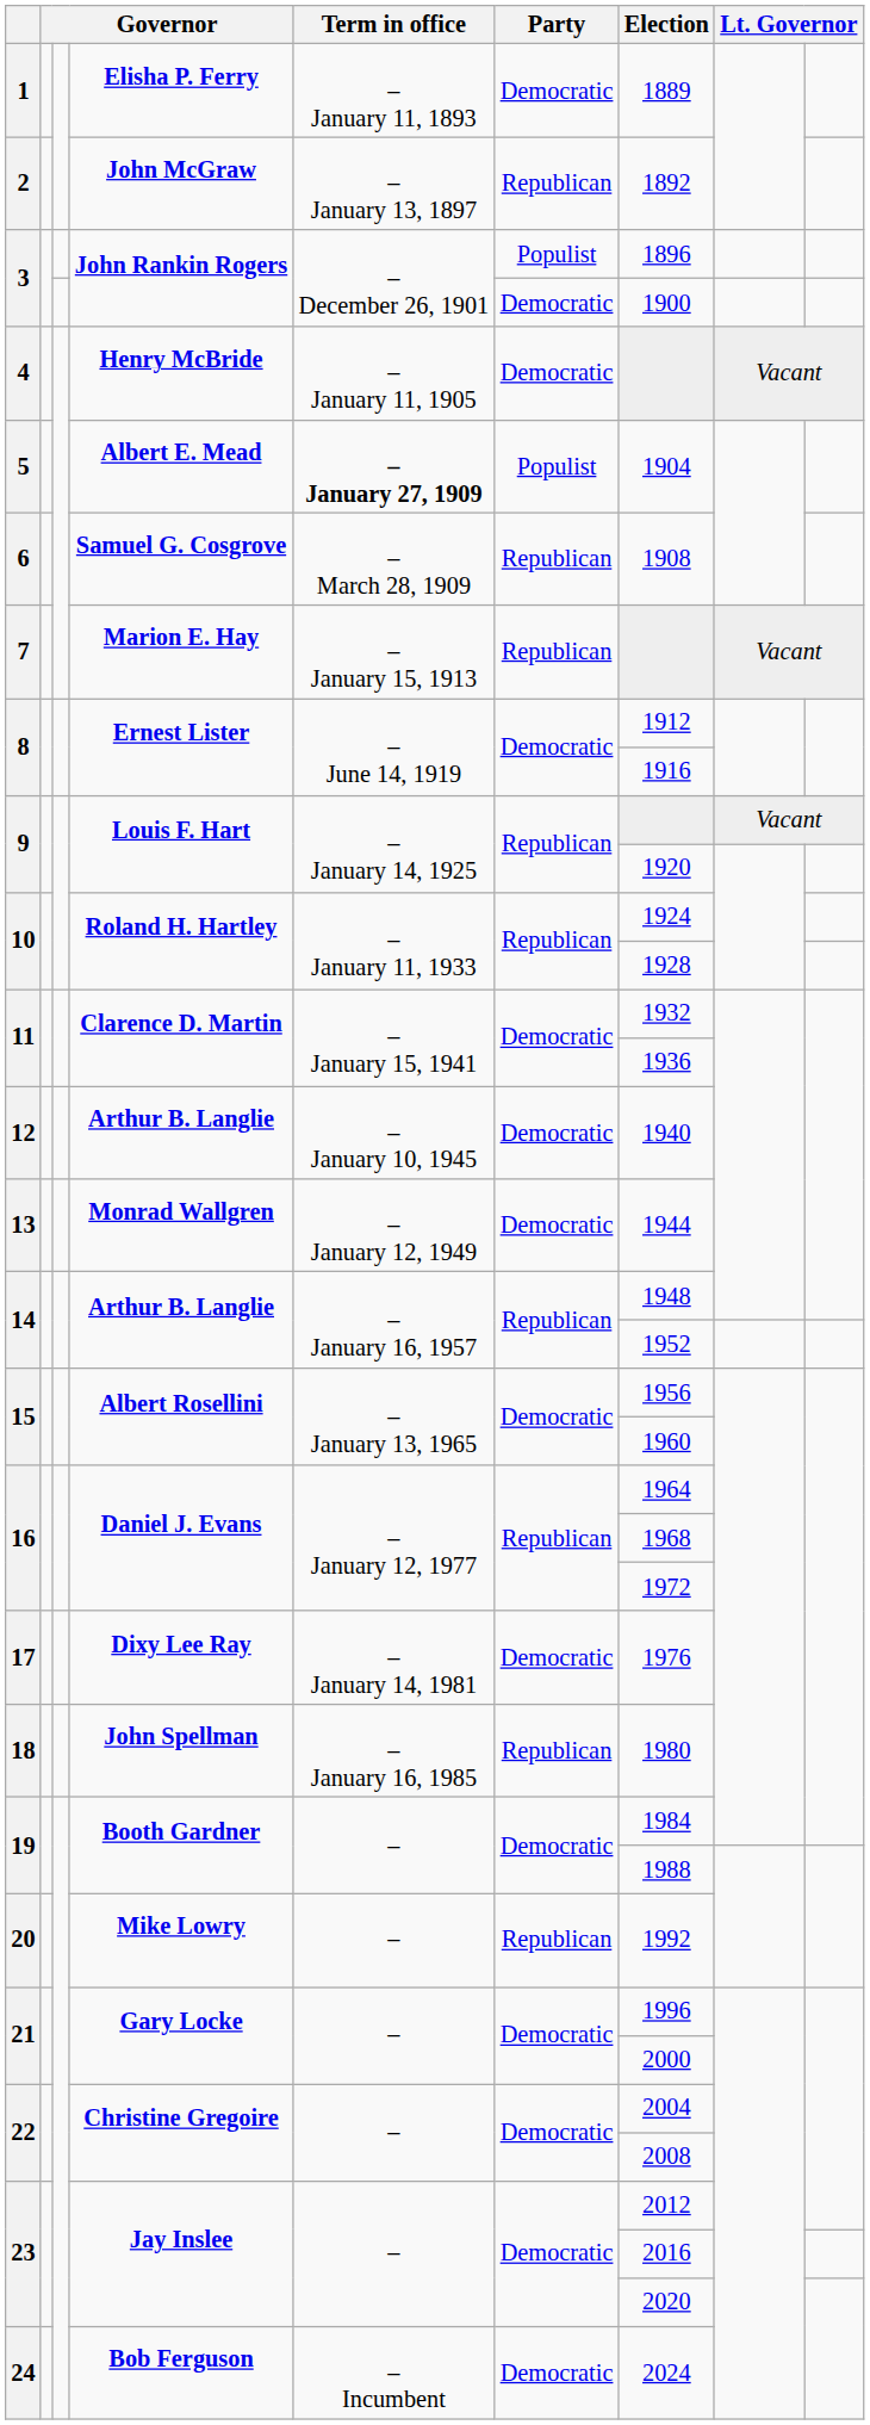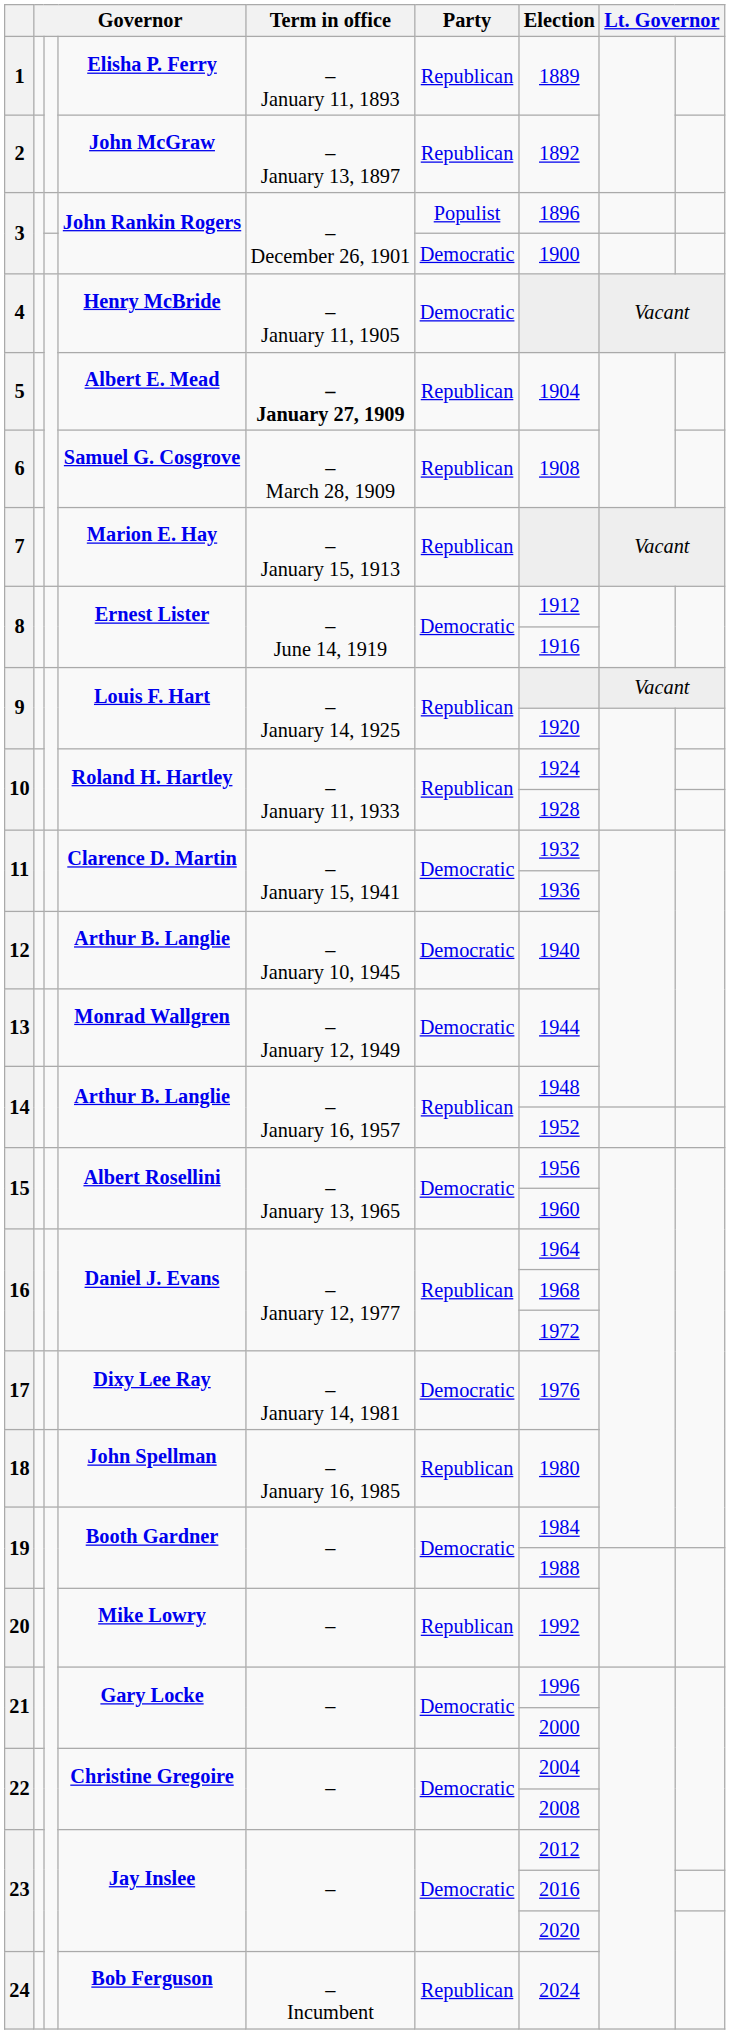 <table class="wikitable sortable mw-collapsible sticky-header-multi" style="text-align:center;">
 <tr>
 <th scope="col" data-sort-type="number"></th>
 <th scope="colgroup" colspan="3">Governor</th>
 <th scope="col">Term in office</th>
 <th scope="col">Party</th>
 <th scope="col">Election</th>
 <th scope="colgroup" colspan="2"><a href='#'>Lt. Governor</a></th>
 </tr>
 <tr style="height:2em;">
 <th scope="row">1</th>
 <td data-sort-value="Ferry, Elisha"></td>
 <td rowspan="2" style="background: "> </td>
 <td><strong><a href='#'>Elisha P. Ferry</a></strong><br><br></td>
 <td><br>–<br>January 11, 1893<br></td>
-<td><a href='#'>Democratic</a></td>
+<td><a href='#'>Republican</a></td>
 <td><a href='#'>1889</a></td>
 <td rowspan="2" style="background: "> </td>
 <td></td>
 </tr>
 <tr style="height:2em;">
 <th scope="row">2</th>
 <td data-sort-value="McGraw, John"></td>
 <td><strong><a href='#'>John McGraw</a></strong><br><br></td>
 <td><br>–<br>January 13, 1897<br></td>
 <td><a href='#'>Republican</a></td>
 <td><a href='#'>1892</a></td>
 <td></td>
 </tr>
 <tr style="height:2em;">
 <th rowspan="2" scope="rowgroup">3</th>
 <td rowspan="2" data-sort-value="Rogers, John"></td>
 <td style="color:inherit;background: "></td>
 <td rowspan="2"><strong><a href='#'>John Rankin Rogers</a></strong><br><br></td>
 <td rowspan="2"><br>–<br>December 26, 1901<br></td>
 <td><a href='#'>Populist</a></td>
 <td><a href='#'>1896</a></td>
 <td style="color:inherit;background: "></td>
 <td></td>
 </tr>
 <tr style="height:2em;">
 <td style="color:inherit;background: "></td>
 <td><a href='#'>Democratic</a></td>
 <td><a href='#'>1900</a></td>
 <td style="color:inherit;background: "></td>
 <td></td>
 </tr>
 <tr style="height:2em;">
 <th scope="row">4</th>
 <td data-sort-value="McBride, Henry"></td>
 <td rowspan="4" style="color:inherit;background: "></td>
 <td><strong><a href='#'>Henry McBride</a></strong><br><br></td>
 <td><br>–<br>January 11, 1905<br></td>
 <td><a href='#'>Democratic</a></td>
 <td style="background:#EEEEEE;"></td>
 <td colspan="2" style="background:#EEEEEE;"><em>Vacant</em></td>
 </tr>
 <tr style="height:2em;">
 <th scope="row">5</th>
 <td data-sort-value="Mead, Albert"></td>
 <td><strong><a href='#'>Albert E. Mead</a></strong><br><br></td>
 <td><strong><br>–<br>January 27, 1909<br></strong></td>
-<td><a href='#'>Populist</a></td>
+<td><a href='#'>Republican</a></td>
 <td><a href='#'>1904</a></td>
 <td rowspan="2" style="color:inherit;background: "></td>
 <td></td>
 </tr>
 <tr style="height:2em;">
 <th scope="row">6</th>
 <td data-sort-value="Cosgrove, Samuel"></td>
 <td><strong><a href='#'>Samuel G. Cosgrove</a></strong><br><br></td>
 <td><br>–<br>March 28, 1909<br></td>
 <td><a href='#'>Republican</a></td>
 <td><a href='#'>1908</a></td>
 <td></td>
 </tr>
 <tr style="height:2em;">
 <th scope="row">7</th>
 <td data-sort-value="Hay, Marion"></td>
 <td><strong><a href='#'>Marion E. Hay</a></strong><br><br></td>
 <td><br>–<br>January 15, 1913<br></td>
 <td><a href='#'>Republican</a></td>
 <td style="background:#EEEEEE;"></td>
 <td colspan="2" style="background:#EEEEEE;"><em>Vacant</em></td>
 </tr>
 <tr style="height:2em;">
 <th rowspan="2" scope="rowgroup">8</th>
 <td rowspan="2" data-sort-value="Lister, Ernest"></td>
 <td rowspan="2" style="color:inherit;background: "></td>
 <td rowspan="2"><strong><a href='#'>Ernest Lister</a></strong><br><br></td>
 <td rowspan="2"><br>–<br>June 14, 1919<br></td>
 <td rowspan="2"><a href='#'>Democratic</a></td>
 <td><a href='#'>1912</a></td>
 <td rowspan="2" style="color:inherit;background: "></td>
 <td rowspan="2"></td>
 </tr>
 <tr style="height:2em;">
 <td><a href='#'>1916</a></td>
 </tr>
 <tr style="height:2em;">
 <th rowspan="2" scope="rowgroup">9</th>
 <td rowspan="2" data-sort-value="Hart, Louis"></td>
 <td rowspan="4" style="color:inherit;background: "></td>
 <td rowspan="2"><strong><a href='#'>Louis F. Hart</a></strong><br><br></td>
 <td rowspan="2"><br>–<br>January 14, 1925<br></td>
 <td rowspan="2"><a href='#'>Republican</a></td>
 <td style="background:#EEEEEE;"></td>
 <td colspan="2" style="background:#EEEEEE;"><em>Vacant</em></td>
 </tr>
 <tr style="height:2em;">
 <td><a href='#'>1920</a></td>
 <td rowspan="3" style="color:inherit;background: "></td>
 <td></td>
 </tr>
 <tr style="height:2em;">
 <th rowspan="2" scope="rowgroup">10</th>
 <td rowspan="2" data-sort-value="Hartley, Roland"></td>
 <td rowspan="2"><strong><a href='#'>Roland H. Hartley</a></strong><br><br></td>
 <td rowspan="2"><br>–<br>January 11, 1933<br></td>
 <td rowspan="2"><a href='#'>Republican</a></td>
 <td><a href='#'>1924</a></td>
 <td></td>
 </tr>
 <tr style="height:2em;">
 <td><a href='#'>1928</a></td>
 <td></td>
 </tr>
 <tr style="height:2em;">
 <th rowspan="2" scope="rowgroup">11</th>
 <td rowspan="2" data-sort-value="Martin, Clarence"></td>
 <td rowspan="2" style="color:inherit;background: "></td>
 <td rowspan="2"><strong><a href='#'>Clarence D. Martin</a></strong><br><br></td>
 <td rowspan="2"><br>–<br>January 15, 1941<br></td>
 <td rowspan="2"><a href='#'>Democratic</a></td>
 <td><a href='#'>1932</a></td>
 <td rowspan="5" style="color:inherit;background: "></td>
 <td rowspan="5"></td>
 </tr>
 <tr style="height:2em;">
 <td><a href='#'>1936</a></td>
 </tr>
 <tr style="height:2em;">
 <th scope="row">12</th>
 <td data-sort-value="Langlie, Arthur"></td>
 <td style="color:inherit;background: "></td>
 <td><strong><a href='#'>Arthur B. Langlie</a></strong><br><br></td>
 <td><br>–<br>January 10, 1945<br></td>
 <td><a href='#'>Democratic</a></td>
 <td><a href='#'>1940</a></td>
 </tr>
 <tr style="height:2em;">
 <th scope="row">13</th>
 <td data-sort-value="Wallgren, Monrad"></td>
 <td style="color:inherit;background: "></td>
 <td><strong><a href='#'>Monrad Wallgren</a></strong><br><br></td>
 <td><br>–<br>January 12, 1949<br></td>
 <td><a href='#'>Democratic</a></td>
 <td><a href='#'>1944</a></td>
 </tr>
 <tr style="height:2em;">
 <th rowspan="2" scope="rowgroup">14</th>
 <td rowspan="2" data-sort-value="Langlie, Arthur"></td>
 <td rowspan="2" style="color:inherit;background: "></td>
 <td rowspan="2"><strong><a href='#'>Arthur B. Langlie</a></strong><br><br></td>
 <td rowspan="2"><br>–<br>January 16, 1957<br></td>
 <td rowspan="2"><a href='#'>Republican</a></td>
 <td><a href='#'>1948</a></td>
 </tr>
 <tr style="height:2em;">
 <td><a href='#'>1952</a></td>
 <td style="color:inherit;background: "></td>
 <td></td>
 </tr>
 <tr style="height:2em;">
 <th rowspan="2" scope="rowgroup">15</th>
 <td rowspan="2" data-sort-value="Rosellini, Albert"></td>
 <td rowspan="2" style="color:inherit;background: "></td>
 <td rowspan="2"><strong><a href='#'>Albert Rosellini</a></strong><br><br></td>
 <td rowspan="2"><br>–<br>January 13, 1965<br></td>
 <td rowspan="2"><a href='#'>Democratic</a></td>
 <td><a href='#'>1956</a></td>
 <td rowspan="8" style="color:inherit;background: "></td>
 <td rowspan="8"></td>
 </tr>
 <tr style="height:2em;">
 <td><a href='#'>1960</a></td>
 </tr>
 <tr style="height:2em;">
 <th rowspan="3" scope="rowgroup">16</th>
 <td rowspan="3" data-sort-value="Evans, Daniel"></td>
 <td rowspan="3" style="color:inherit;background: "></td>
 <td rowspan="3"><strong><a href='#'>Daniel J. Evans</a></strong><br><br></td>
 <td rowspan="3"><br>–<br>January 12, 1977<br></td>
 <td rowspan="3"><a href='#'>Republican</a></td>
 <td><a href='#'>1964</a></td>
 </tr>
 <tr style="height:2em;">
 <td><a href='#'>1968</a></td>
 </tr>
 <tr style="height:2em;">
 <td><a href='#'>1972</a></td>
 </tr>
 <tr style="height:2em;">
 <th scope="row">17</th>
 <td data-sort-value="Ray, Dixy"></td>
 <td style="color:inherit;background: "></td>
 <td><strong><a href='#'>Dixy Lee Ray</a></strong><br><br></td>
 <td><br>–<br>January 14, 1981<br></td>
 <td><a href='#'>Democratic</a></td>
 <td><a href='#'>1976</a></td>
 </tr>
 <tr style="height:2em;">
 <th scope="row">18</th>
 <td data-sort-value="Spellman, John"></td>
 <td style="color:inherit;background: "></td>
 <td><strong><a href='#'>John Spellman</a></strong><br><br></td>
 <td><br>–<br>January 16, 1985<br></td>
 <td><a href='#'>Republican</a></td>
 <td><a href='#'>1980</a></td>
 </tr>
 <tr style="height:2em;">
 <th rowspan="2" scope="rowgroup">19</th>
 <td rowspan="2" data-sort-value="Gardner, Booth"></td>
 <td rowspan="11" style="color:inherit;background: "></td>
 <td rowspan="2"><strong><a href='#'>Booth Gardner</a></strong><br><br></td>
 <td rowspan="2"><br>–<br><br></td>
 <td rowspan="2"><a href='#'>Democratic</a></td>
 <td><a href='#'>1984</a></td>
 </tr>
 <tr style="height:2em;">
 <td><a href='#'>1988</a></td>
 <td rowspan="2" style="color:inherit;background: "></td>
 <td rowspan="2"></td>
 </tr>
 <tr style="height:2em;">
 <th scope="row">20</th>
 <td data-sort-value="Lowry, Mike"></td>
 <td><strong><a href='#'>Mike Lowry</a></strong><br><br></td>
 <td><br>–<br><br></td>
 <td><a href='#'>Republican</a></td>
 <td><a href='#'>1992</a></td>
 </tr>
 <tr style="height:2em;">
 <th rowspan="2" scope="rowgroup">21</th>
 <td rowspan="2" data-sort-value="Locke, Gary"></td>
 <td rowspan="2"><strong><a href='#'>Gary Locke</a></strong><br><br></td>
 <td rowspan="2"><br>–<br><br></td>
 <td rowspan="2"><a href='#'>Democratic</a></td>
 <td><a href='#'>1996</a></td>
 <td rowspan="8" style="color:inherit;background: "></td>
 <td rowspan="5"></td>
 </tr>
 <tr style="height:2em;">
 <td><a href='#'>2000</a></td>
 </tr>
 <tr style="height:2em;">
 <th rowspan="2" scope="rowgroup">22</th>
 <td rowspan="2" data-sort-value="Gregoire, Christine"></td>
 <td rowspan="2"><strong><a href='#'>Christine Gregoire</a></strong><br><br></td>
 <td rowspan="2"><br>–<br><br></td>
 <td rowspan="2"><a href='#'>Democratic</a></td>
 <td><a href='#'>2004</a></td>
 </tr>
 <tr style="height:2em;">
 <td><a href='#'>2008</a></td>
 </tr>
 <tr style="height:2em;">
 <th rowspan="3" scope="rowgroup">23</th>
 <td rowspan="3" data-sort-value="Inslee, Jay"></td>
 <td rowspan="3"><strong><a href='#'>Jay Inslee</a></strong><br><br></td>
 <td rowspan="3"><br>–<br><br></td>
 <td rowspan="3"><a href='#'>Democratic</a></td>
 <td><a href='#'>2012</a></td>
 </tr>
 <tr style="height:2em;">
 <td><a href='#'>2016</a></td>
 <td></td>
 </tr>
 <tr style="height:2em;">
 <td><a href='#'>2020</a></td>
 <td rowspan="2"></td>
 </tr>
 <tr style="height:2em;">
 <th scope="row">24</th>
 <td data-sort-value="Ferguson, Bob"></td>
 <td><strong><a href='#'>Bob Ferguson</a></strong><br><br></td>
 <td><br>–<br>Incumbent</td>
-<td><a href='#'>Democratic</a></td>
+<td><a href='#'>Republican</a></td>
 <td><a href='#'>2024</a></td>
 </tr>
 </table>
